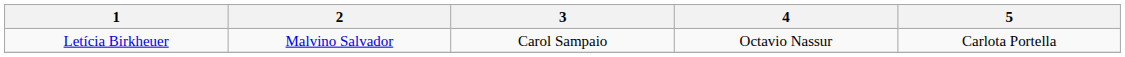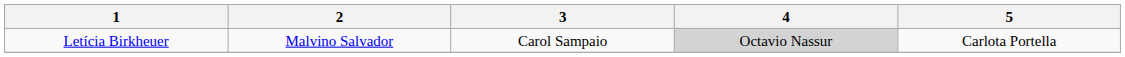 <table class="wikitable" style="font-size:90%; line-height:16px; text-align:center" width="85%">
 <tr>
 <th>1</th>
 <th>2</th>
 <th>3</th>
 <th>4</th>
 <th>5</th>
 </tr>
 <tr>
 <td width=150><a href='#'>Letícia Birkheuer</a></td>
 <td width=150><a href='#'>Malvino Salvador</a></td>
 <td width=150>Carol Sampaio</td>
-<td width=150>Octavio Nassur</td>
+<td width=150 style="background: lightgrey;">Octavio Nassur</td>
 <td width=150>Carlota Portella</td>
 </tr>
 <tr>
 </tr>
 </table>
